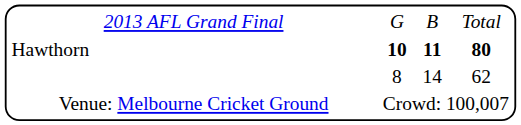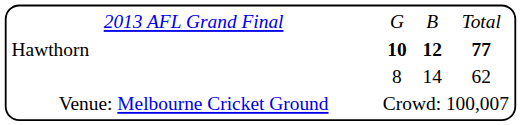 <table style="margin-right:4px; margin-top:8px; float:right; clear:right; border:1px #000 solid; border-radius:8px; background:#fff; font-family:Verdana; font-size:8pt; text-align:center;">
 <tr>
 <td style="width:200px;"><em><a href='#'>2013 AFL Grand Final</a></em></td>
 <td><em>G</em></td>
 <td><em>B</em></td>
 <td><em>Total</em></td>
 </tr>
 <tr>
 <td style="text-align:left">Hawthorn</td>
 <td><strong>10</strong></td>
-<td><strong>11</strong></td>
-<td><strong>80</strong></td>
+<td><strong>12</strong></td>
+<td><strong>77</strong></td>
 </tr>
 <tr>
 <td style="text-align:left"></td>
 <td>8</td>
 <td>14</td>
 <td>62</td>
 </tr>
 <tr>
 <td>Venue: <a href='#'>Melbourne Cricket Ground</a></td>
 <td colspan="3">Crowd: 100,007</td>
 </tr>
 </table>
